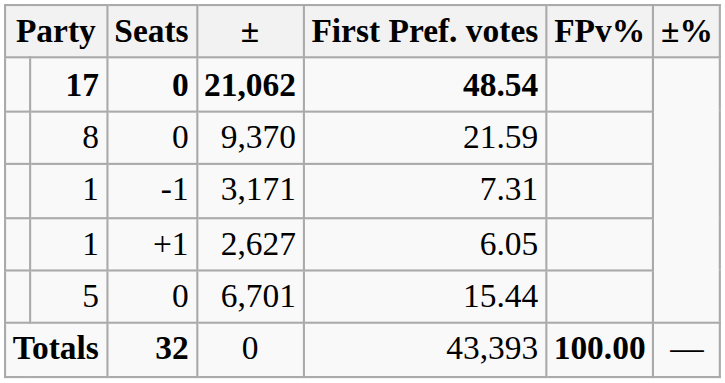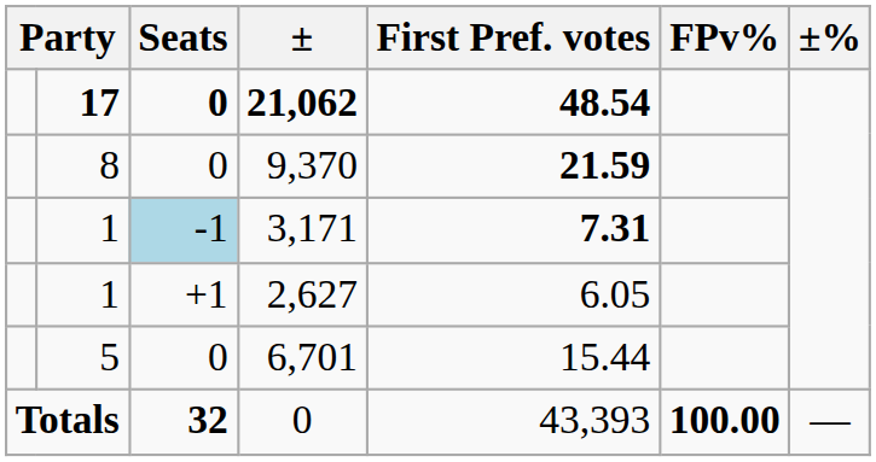 <table class=wikitable>
 <tr>
 <th colspan=2 align=center>Party</th>
 <th valign=top>Seats</th>
 <th valign=top>±</th>
 <th valign=top>First Pref. votes</th>
 <th valign=top>FPv%</th>
 <th valign=top>±%</th>
 </tr>
 <tr>
 <td></td>
 <td align=right><strong>17</strong></td>
 <td align=right><strong>0</strong></td>
 <td align=right><strong>21,062</strong></td>
 <td align=right><strong>48.54</strong></td>
 <td align=right></td>
 </tr>
 <tr>
 <td></td>
 <td align=right>8</td>
 <td align=right>0</td>
 <td align=right>9,370</td>
-<td align=right>21.59</td>
+<td align=right><strong>21.59</strong></td>
 <td align=right></td>
 </tr>
 <tr>
 <td></td>
 <td align=right>1</td>
-<td align=right>-1</td>
+<td align=right style="background: lightblue;">-1</td>
 <td align=right>3,171</td>
-<td align=right>7.31</td>
+<td align=right><strong>7.31</strong></td>
 <td align=right></td>
 </tr>
 <tr>
 <td></td>
 <td align=right>1</td>
 <td align=right>+1</td>
 <td align=right>2,627</td>
 <td align=right>6.05</td>
 <td align=right></td>
 </tr>
 <tr>
 <td></td>
 <td align=right>5</td>
 <td align=right>0</td>
 <td align=right>6,701</td>
 <td align=right>15.44</td>
 <td align=right></td>
 </tr>
 <tr>
 <td colspan=2 align=center><strong>Totals</strong></td>
 <td align=right><strong>32</strong></td>
 <td align=center>0</td>
 <td align=right>43,393</td>
 <td align=center><strong>100.00</strong></td>
 <td align=center>—</td>
 </tr>
 </table>
